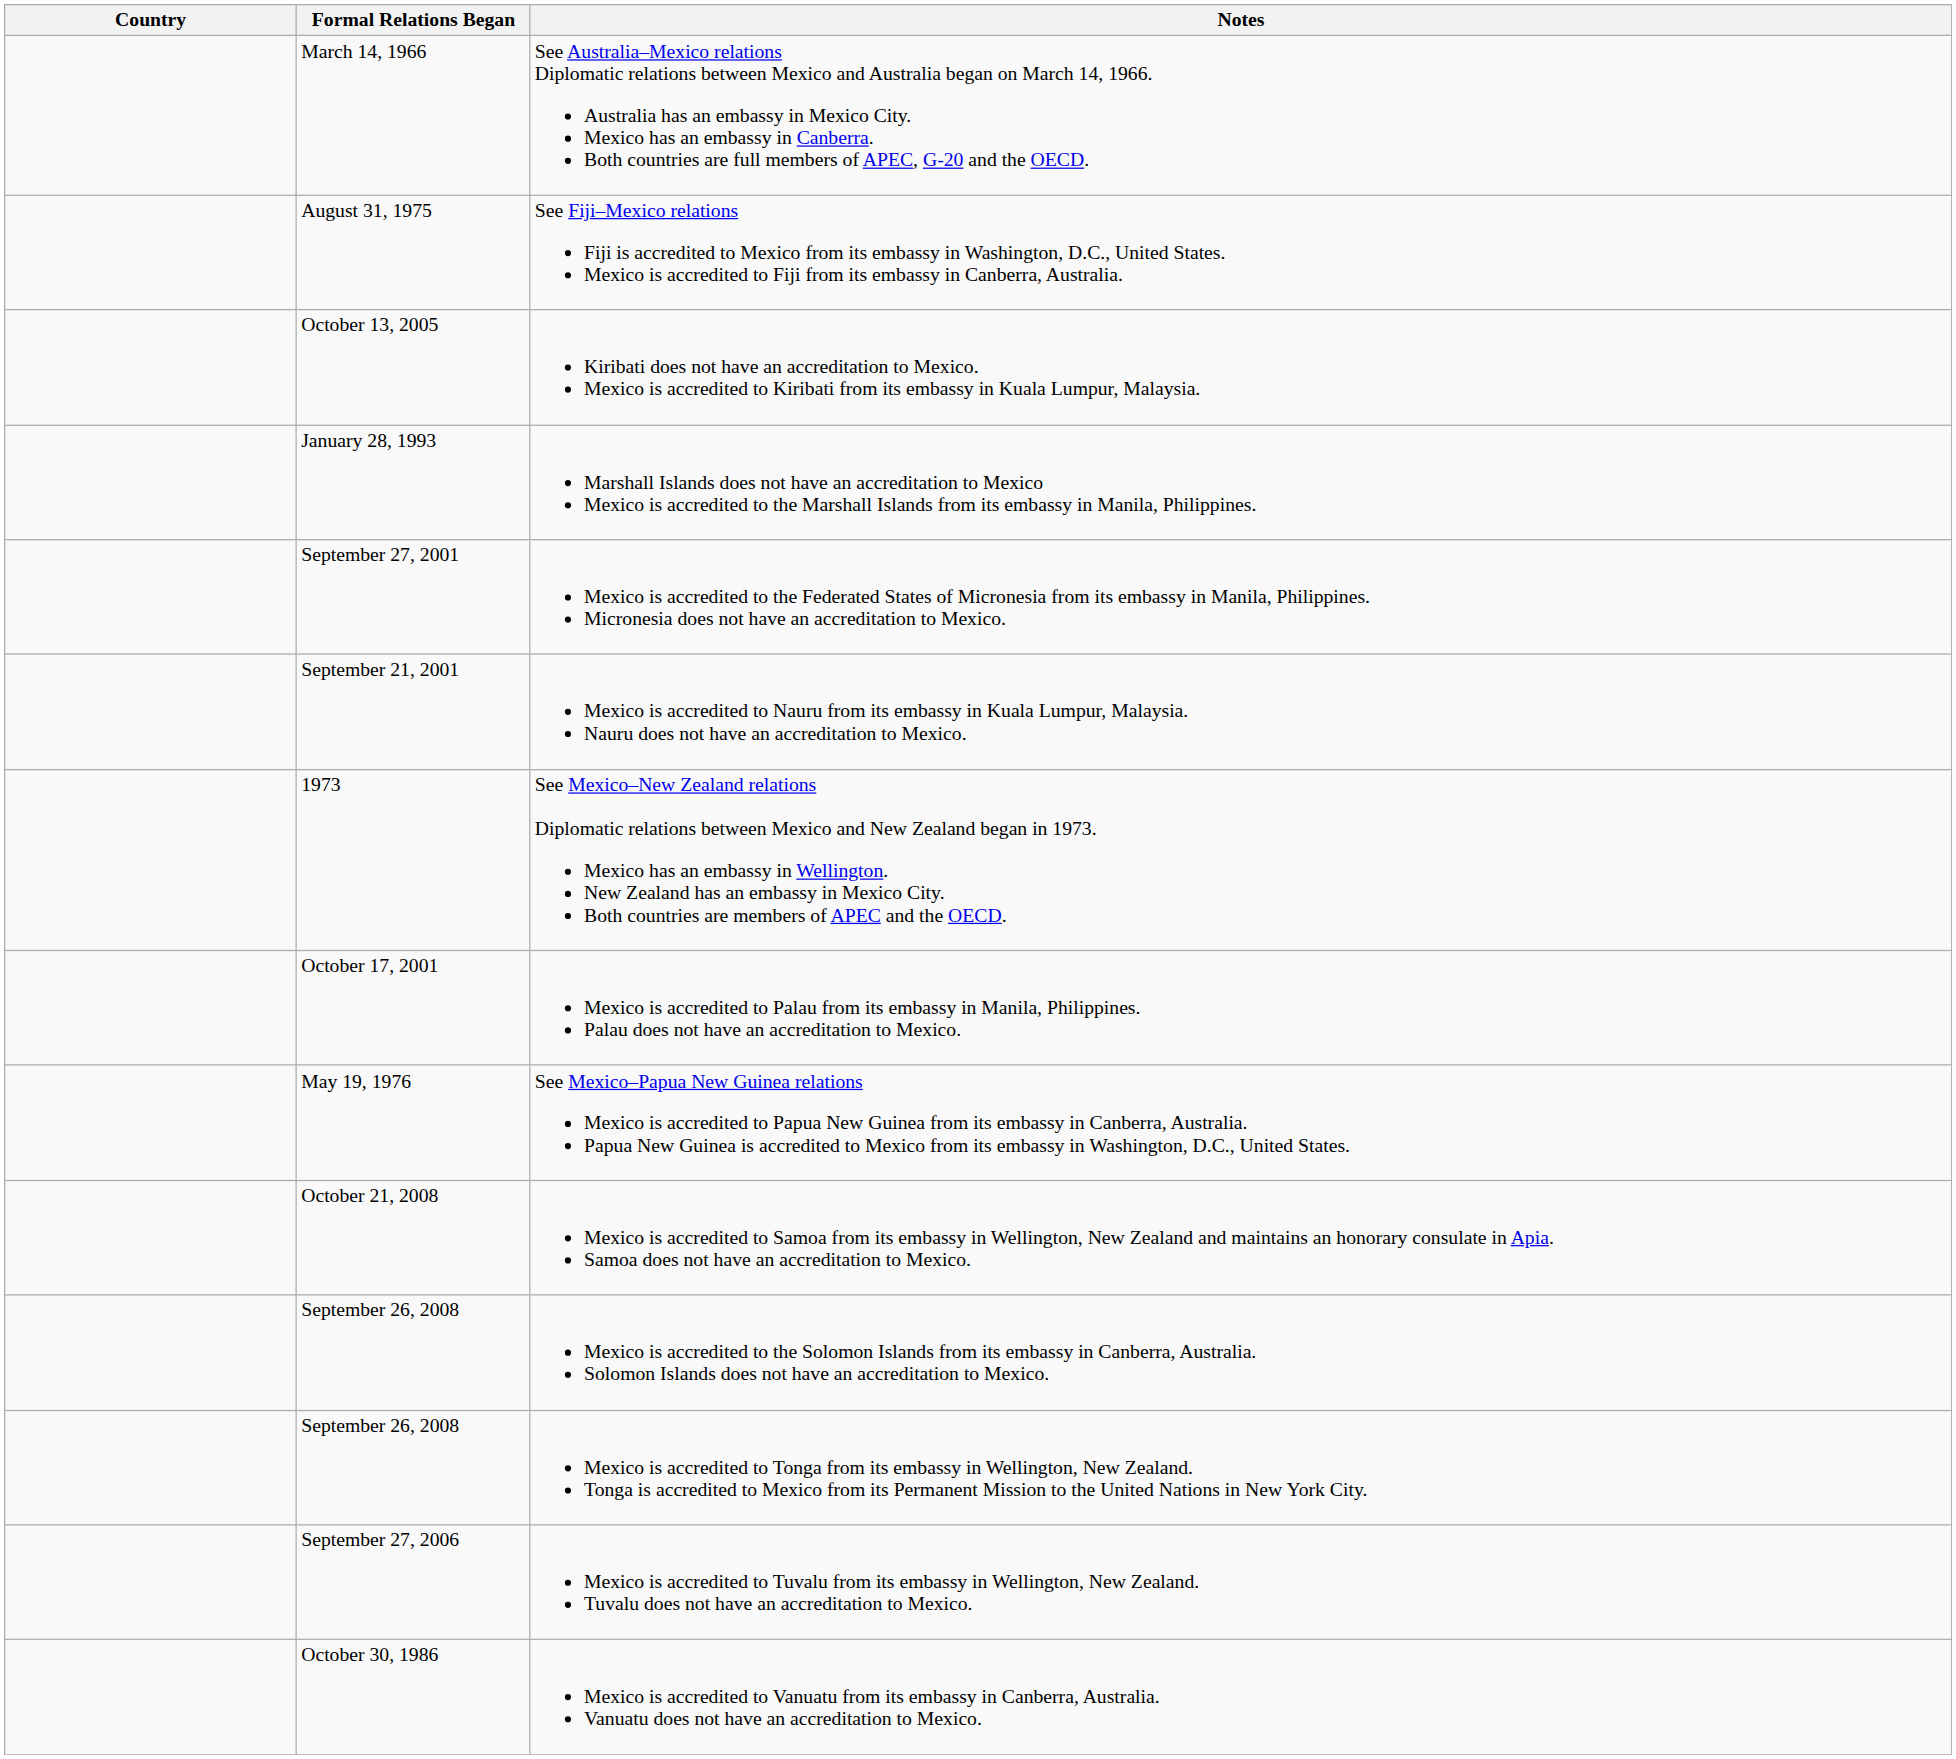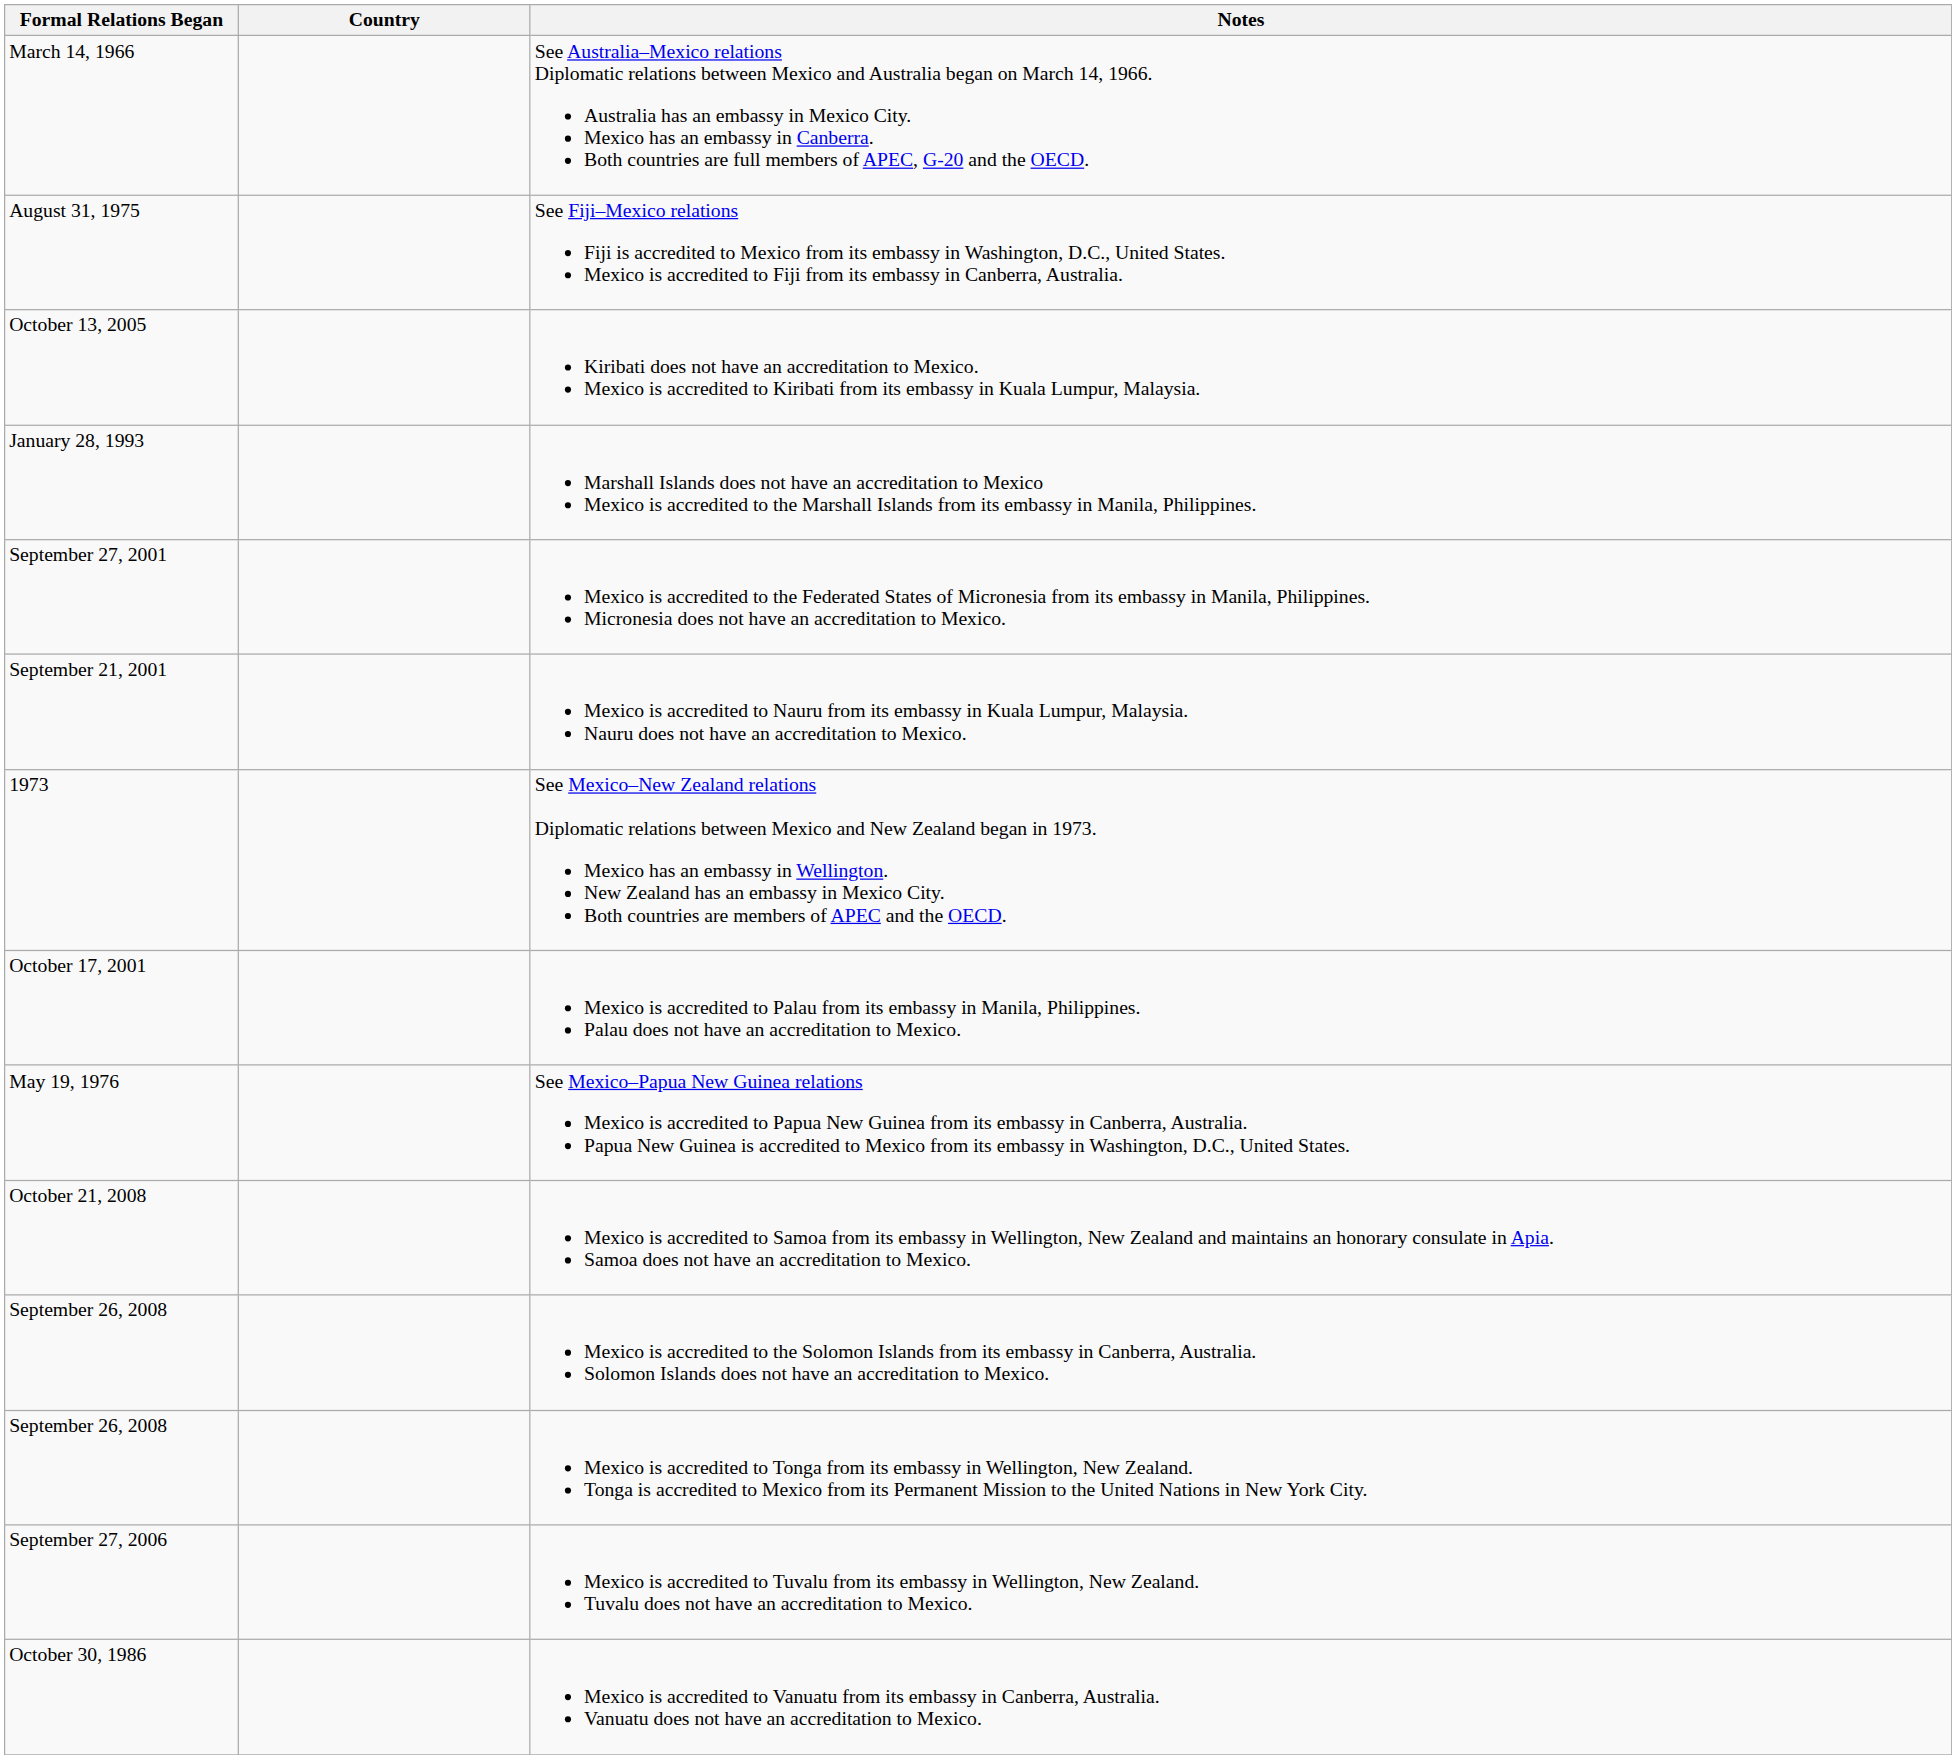 <table class="wikitable sortable" style="width:100%; margin:auto;">
 <tr>
+<th style="width:12%;">Formal Relations Began</th>
 <th style="width:15%;">Country</th>
-<th style="width:12%;">Formal Relations Began</th>
 <th>Notes</th>
 </tr>
 <tr valign="top">
+<td>March 14, 1966</td>
 <td></td>
-<td>March 14, 1966</td>
 <td>See <a href='#'>Australia–Mexico relations</a><br>Diplomatic relations between Mexico and Australia began on March 14, 1966.<ul><li>Australia has an embassy in Mexico City.</li><li>Mexico has an embassy in <a href='#'>Canberra</a>.</li><li>Both countries are full members of <a href='#'>APEC</a>, <a href='#'>G-20</a> and the <a href='#'>OECD</a>.</li></ul></td>
 </tr>
 <tr valign="top">
+<td>August 31, 1975</td>
 <td></td>
-<td>August 31, 1975</td>
 <td>See <a href='#'>Fiji–Mexico relations</a><br><ul><li>Fiji is accredited to Mexico from its embassy in Washington, D.C., United States.</li><li>Mexico is accredited to Fiji from its embassy in Canberra, Australia.</li></ul></td>
 </tr>
 <tr valign="top">
+<td>October 13, 2005</td>
 <td></td>
-<td>October 13, 2005</td>
 <td><br><ul><li>Kiribati does not have an accreditation to Mexico.</li><li>Mexico is accredited to Kiribati from its embassy in Kuala Lumpur, Malaysia.</li></ul></td>
 </tr>
 <tr valign="top">
+<td>January 28, 1993</td>
 <td></td>
-<td>January 28, 1993</td>
 <td><br><ul><li>Marshall Islands does not have an accreditation to Mexico</li><li>Mexico is accredited to the Marshall Islands from its embassy in Manila, Philippines.</li></ul></td>
 </tr>
 <tr valign="top">
+<td>September 27, 2001</td>
 <td></td>
-<td>September 27, 2001</td>
 <td><br><ul><li>Mexico is accredited to the Federated States of Micronesia from its embassy in Manila, Philippines.</li><li>Micronesia does not have an accreditation to Mexico.</li></ul></td>
 </tr>
 <tr valign="top">
+<td>September 21, 2001</td>
 <td></td>
-<td>September 21, 2001</td>
 <td><br><ul><li>Mexico is accredited to Nauru from its embassy in Kuala Lumpur, Malaysia.</li><li>Nauru does not have an accreditation to Mexico.</li></ul></td>
 </tr>
 <tr valign="top">
+<td>1973</td>
 <td></td>
-<td>1973</td>
 <td>See <a href='#'>Mexico–New Zealand relations</a><br><br>Diplomatic relations between Mexico and New Zealand began in 1973.<ul><li>Mexico has an embassy in <a href='#'>Wellington</a>.</li><li>New Zealand has an embassy in Mexico City.</li><li>Both countries are members of <a href='#'>APEC</a> and the <a href='#'>OECD</a>.</li></ul></td>
 </tr>
 <tr valign="top">
+<td>October 17, 2001</td>
 <td></td>
-<td>October 17, 2001</td>
 <td><br><ul><li>Mexico is accredited to Palau from its embassy in Manila, Philippines.</li><li>Palau does not have an accreditation to Mexico.</li></ul></td>
 </tr>
 <tr valign="top">
+<td>May 19, 1976</td>
 <td></td>
-<td>May 19, 1976</td>
 <td>See <a href='#'>Mexico–Papua New Guinea relations</a><br><ul><li>Mexico is accredited to Papua New Guinea from its embassy in Canberra, Australia.</li><li>Papua New Guinea is accredited to Mexico from its embassy in Washington, D.C., United States.</li></ul></td>
 </tr>
 <tr valign="top">
+<td>October 21, 2008</td>
 <td></td>
-<td>October 21, 2008</td>
 <td><br><ul><li>Mexico is accredited to Samoa from its embassy in Wellington, New Zealand and maintains an honorary consulate in <a href='#'>Apia</a>.</li><li>Samoa does not have an accreditation to Mexico.</li></ul></td>
 </tr>
 <tr valign="top">
+<td>September 26, 2008</td>
 <td></td>
-<td>September 26, 2008</td>
 <td><br><ul><li>Mexico is accredited to the Solomon Islands from its embassy in Canberra, Australia.</li><li>Solomon Islands does not have an accreditation to Mexico.</li></ul></td>
 </tr>
 <tr valign="top">
+<td>September 26, 2008</td>
 <td></td>
-<td>September 26, 2008</td>
 <td><br><ul><li>Mexico is accredited to Tonga from its embassy in Wellington, New Zealand.</li><li>Tonga is accredited to Mexico from its Permanent Mission to the United Nations in New York City.</li></ul></td>
 </tr>
 <tr valign="top">
+<td>September 27, 2006</td>
 <td></td>
-<td>September 27, 2006</td>
 <td><br><ul><li>Mexico is accredited to Tuvalu from its embassy in Wellington, New Zealand.</li><li>Tuvalu does not have an accreditation to Mexico.</li></ul></td>
 </tr>
 <tr valign="top">
+<td>October 30, 1986</td>
 <td></td>
-<td>October 30, 1986</td>
 <td><br><ul><li>Mexico is accredited to Vanuatu from its embassy in Canberra, Australia.</li><li>Vanuatu does not have an accreditation to Mexico.</li></ul></td>
 </tr>
 </table>
